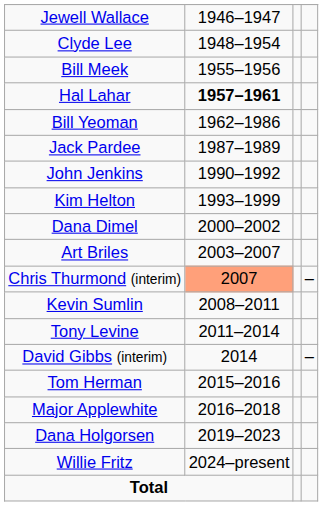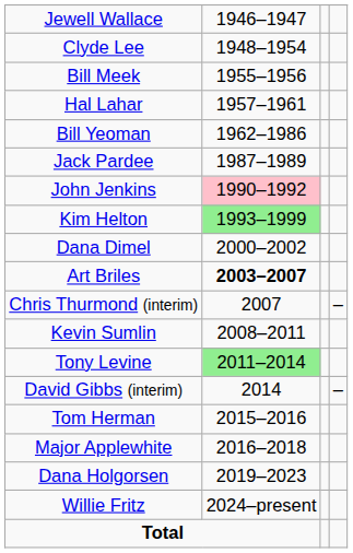 <table class="wikitable" style="text-align:center">
 <tr>
 </tr>
 <tr>
 <td><a href='#'>Jewell Wallace</a></td>
 <td>1946–1947</td>
 <td></td>
 <td></td>
 </tr>
 <tr>
 <td><a href='#'>Clyde Lee</a></td>
 <td>1948–1954</td>
 <td></td>
 <td></td>
 </tr>
 <tr>
 <td><a href='#'>Bill Meek</a></td>
 <td>1955–1956</td>
 <td></td>
 <td></td>
 </tr>
 <tr>
 <td><a href='#'>Hal Lahar</a></td>
-<td><strong>1957–1961</strong></td>
+<td>1957–1961</td>
 <td></td>
 <td></td>
 </tr>
 <tr>
 <td><a href='#'>Bill Yeoman</a></td>
 <td>1962–1986</td>
 <td></td>
 <td></td>
 </tr>
 <tr>
 <td><a href='#'>Jack Pardee</a></td>
 <td>1987–1989</td>
 <td></td>
 <td></td>
 </tr>
 <tr>
 <td><a href='#'>John Jenkins</a></td>
-<td>1990–1992</td>
+<td style="background: pink;">1990–1992</td>
 <td></td>
 <td></td>
 </tr>
 <tr>
 <td><a href='#'>Kim Helton</a></td>
-<td>1993–1999</td>
+<td style="background: lightgreen;">1993–1999</td>
 <td></td>
 <td></td>
 </tr>
 <tr>
 <td><a href='#'>Dana Dimel</a></td>
 <td>2000–2002</td>
 <td></td>
 <td></td>
 </tr>
 <tr>
 <td><a href='#'>Art Briles</a></td>
-<td>2003–2007</td>
+<td><strong>2003–2007</strong></td>
 <td></td>
 <td></td>
 </tr>
 <tr>
 <td><a href='#'>Chris Thurmond</a> <small>(interim)</small></td>
-<td style="background: lightsalmon;">2007</td>
+<td>2007</td>
 <td></td>
 <td>–</td>
 </tr>
 <tr>
 <td><a href='#'>Kevin Sumlin</a></td>
 <td>2008–2011</td>
 <td></td>
 <td></td>
 </tr>
 <tr>
 <td><a href='#'>Tony Levine</a></td>
-<td>2011–2014</td>
+<td style="background: lightgreen;">2011–2014</td>
 <td></td>
 <td></td>
 </tr>
 <tr>
 <td><a href='#'>David Gibbs</a> <small>(interim)</small></td>
 <td>2014</td>
 <td></td>
 <td>–</td>
 </tr>
 <tr>
 <td><a href='#'>Tom Herman</a></td>
 <td>2015–2016</td>
 <td></td>
 <td></td>
 </tr>
 <tr>
 <td><a href='#'>Major Applewhite</a></td>
 <td>2016–2018</td>
 <td></td>
 <td></td>
 </tr>
 <tr>
 <td><a href='#'>Dana Holgorsen</a></td>
 <td>2019–2023</td>
 <td></td>
 <td></td>
 </tr>
 <tr>
 <td><a href='#'>Willie Fritz</a></td>
 <td>2024–present</td>
 <td></td>
 <td></td>
 </tr>
 <tr style="text-align:center; ">
 <td colspan="2"><strong>Total</strong></td>
 <td><strong></strong></td>
 <td></td>
 </tr>
 </table>
